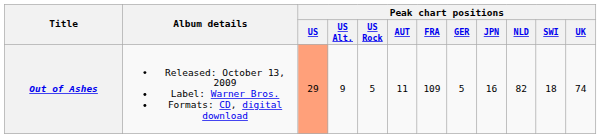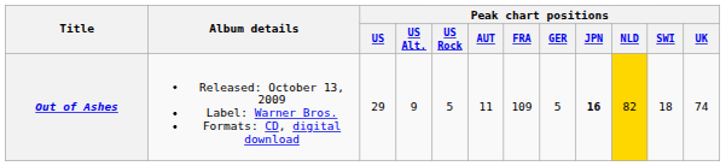 <table class="wikitable plainrowheaders" style="text-align:center;">
 <tr>
 <th scope="col" rowspan="2" style="width:12em;">Title</th>
 <th scope="col" rowspan="2" style="width:18em;">Album details</th>
 <th scope="col" colspan="10">Peak chart positions</th>
 </tr>
 <tr>
 <th scope="col" style="width:3em;font-size:90%;"><a href='#'>US</a><br></th>
 <th scope="col" style="width:3em;font-size:90%;"><a href='#'>US<br>Alt.</a><br></th>
 <th scope="col" style="width:3em;font-size:90%;"><a href='#'>US<br>Rock</a><br></th>
 <th scope="col" style="width:3em;font-size:90%;"><a href='#'>AUT</a><br></th>
 <th scope="col" style="width:3em;font-size:90%;"><a href='#'>FRA</a><br></th>
 <th scope="col" style="width:3em;font-size:90%;"><a href='#'>GER</a><br></th>
 <th scope="col" style="width:3em;font-size:90%;"><a href='#'>JPN</a><br></th>
 <th scope="col" style="width:3em;font-size:90%;"><a href='#'>NLD</a><br></th>
 <th scope="col" style="width:3em;font-size:90%;"><a href='#'>SWI</a><br></th>
 <th scope="col" style="width:3em;font-size:90%;"><a href='#'>UK</a><br></th>
 </tr>
 <tr>
 <th scope="row"><em><a href='#'>Out of Ashes</a></em></th>
 <td><br><ul><li>Released: October 13, 2009</li><li>Label: <a href='#'>Warner Bros.</a></li><li>Formats: <a href='#'>CD</a>, <a href='#'>digital download</a></li></ul></td>
-<td style="background: lightsalmon;">29</td>
+<td>29</td>
 <td>9</td>
 <td>5</td>
 <td>11</td>
 <td>109</td>
 <td>5</td>
-<td>16</td>
-<td>82</td>
+<td><strong>16</strong></td>
+<td style="background: gold;">82</td>
 <td>18</td>
 <td>74</td>
 </tr>
 </table>
